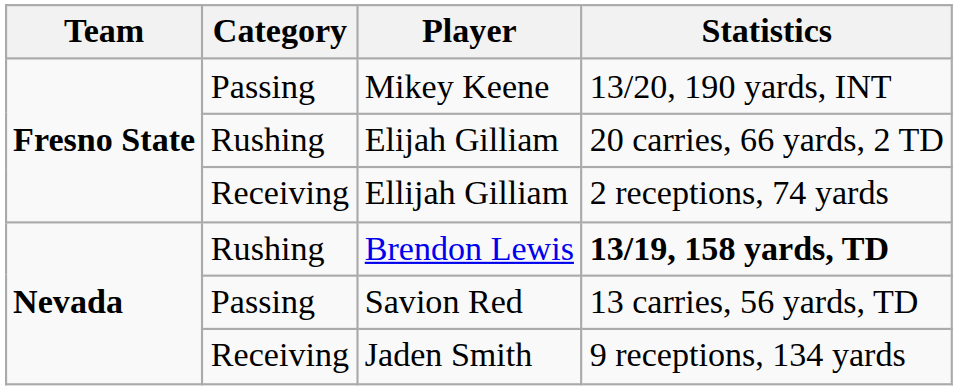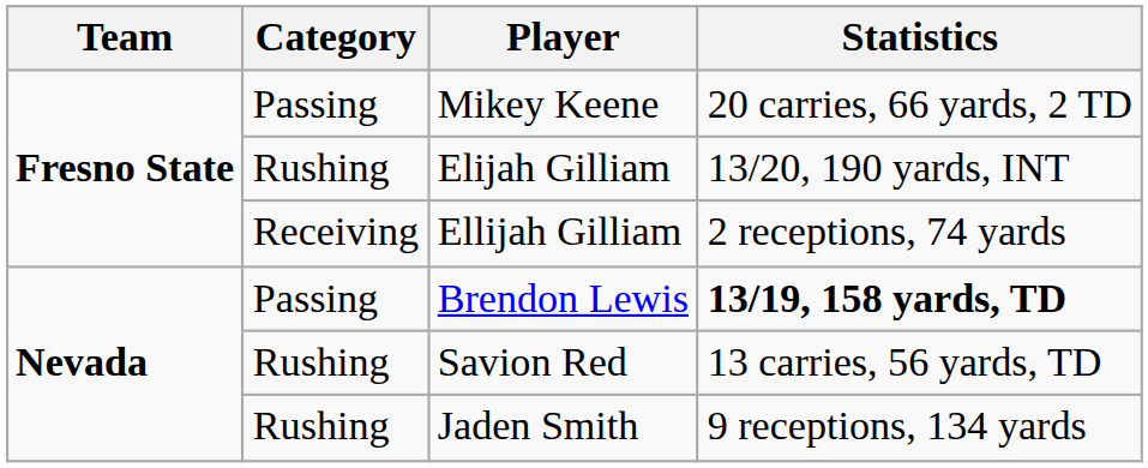 <table class="wikitable" style="float: right;">
 <tr>
 <th>Team</th>
 <th>Category</th>
 <th>Player</th>
 <th>Statistics</th>
 </tr>
 <tr>
 <td rowspan=3><strong>Fresno State</strong></td>
 <td>Passing</td>
 <td>Mikey Keene</td>
-<td>13/20, 190 yards, INT</td>
+<td>20 carries, 66 yards, 2 TD</td>
 </tr>
 <tr>
 <td>Rushing</td>
 <td>Elijah Gilliam</td>
-<td>20 carries, 66 yards, 2 TD</td>
+<td>13/20, 190 yards, INT</td>
 </tr>
 <tr>
 <td>Receiving</td>
 <td>Ellijah Gilliam</td>
 <td>2 receptions, 74 yards</td>
 </tr>
 <tr>
 <td rowspan=3><strong>Nevada</strong></td>
-<td>Rushing</td>
+<td>Passing</td>
 <td><a href='#'>Brendon Lewis</a></td>
 <td><strong>13/19, 158 yards, TD</strong></td>
 </tr>
 <tr>
-<td>Passing</td>
+<td>Rushing</td>
 <td>Savion Red</td>
 <td>13 carries, 56 yards, TD</td>
 </tr>
 <tr>
-<td>Receiving</td>
+<td>Rushing</td>
 <td>Jaden Smith</td>
 <td>9 receptions, 134 yards</td>
 </tr>
 </table>
